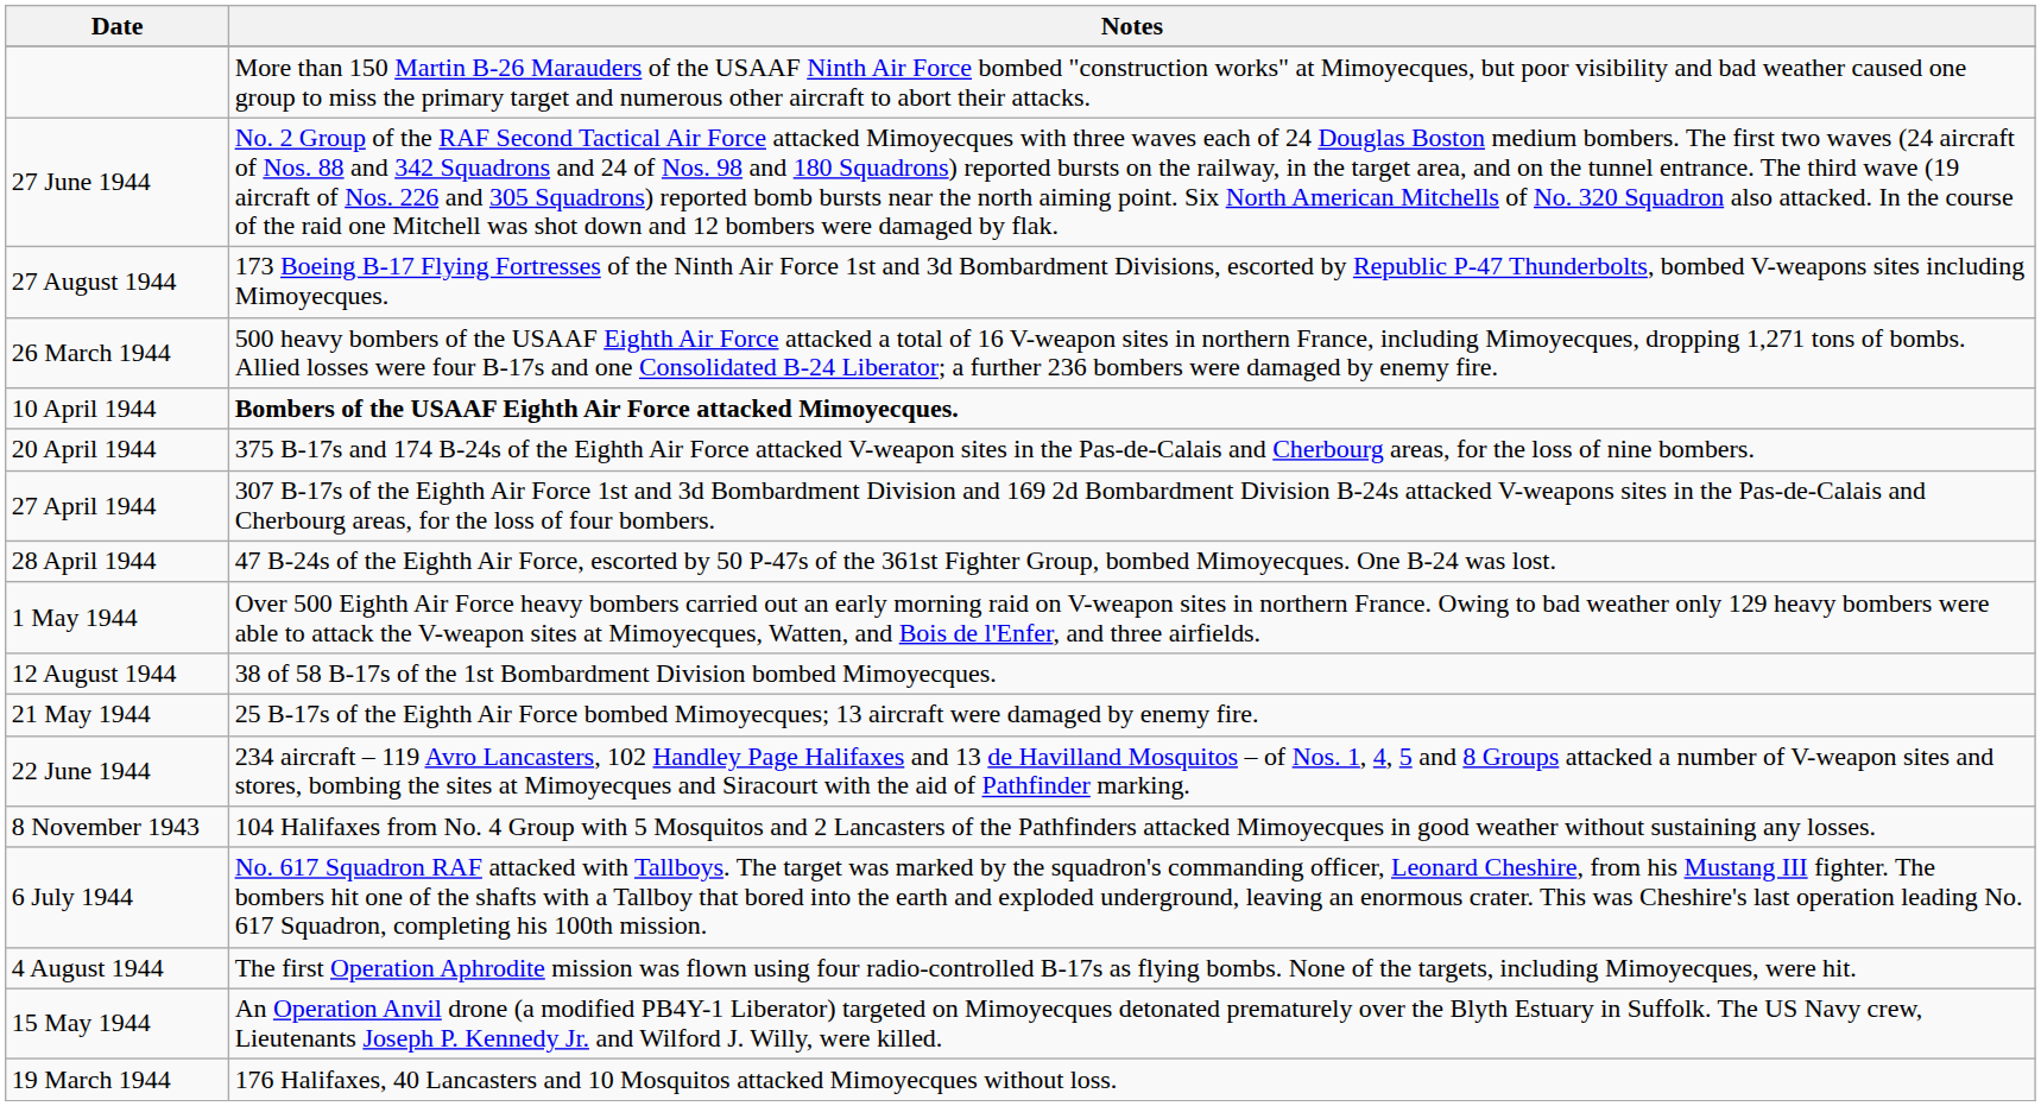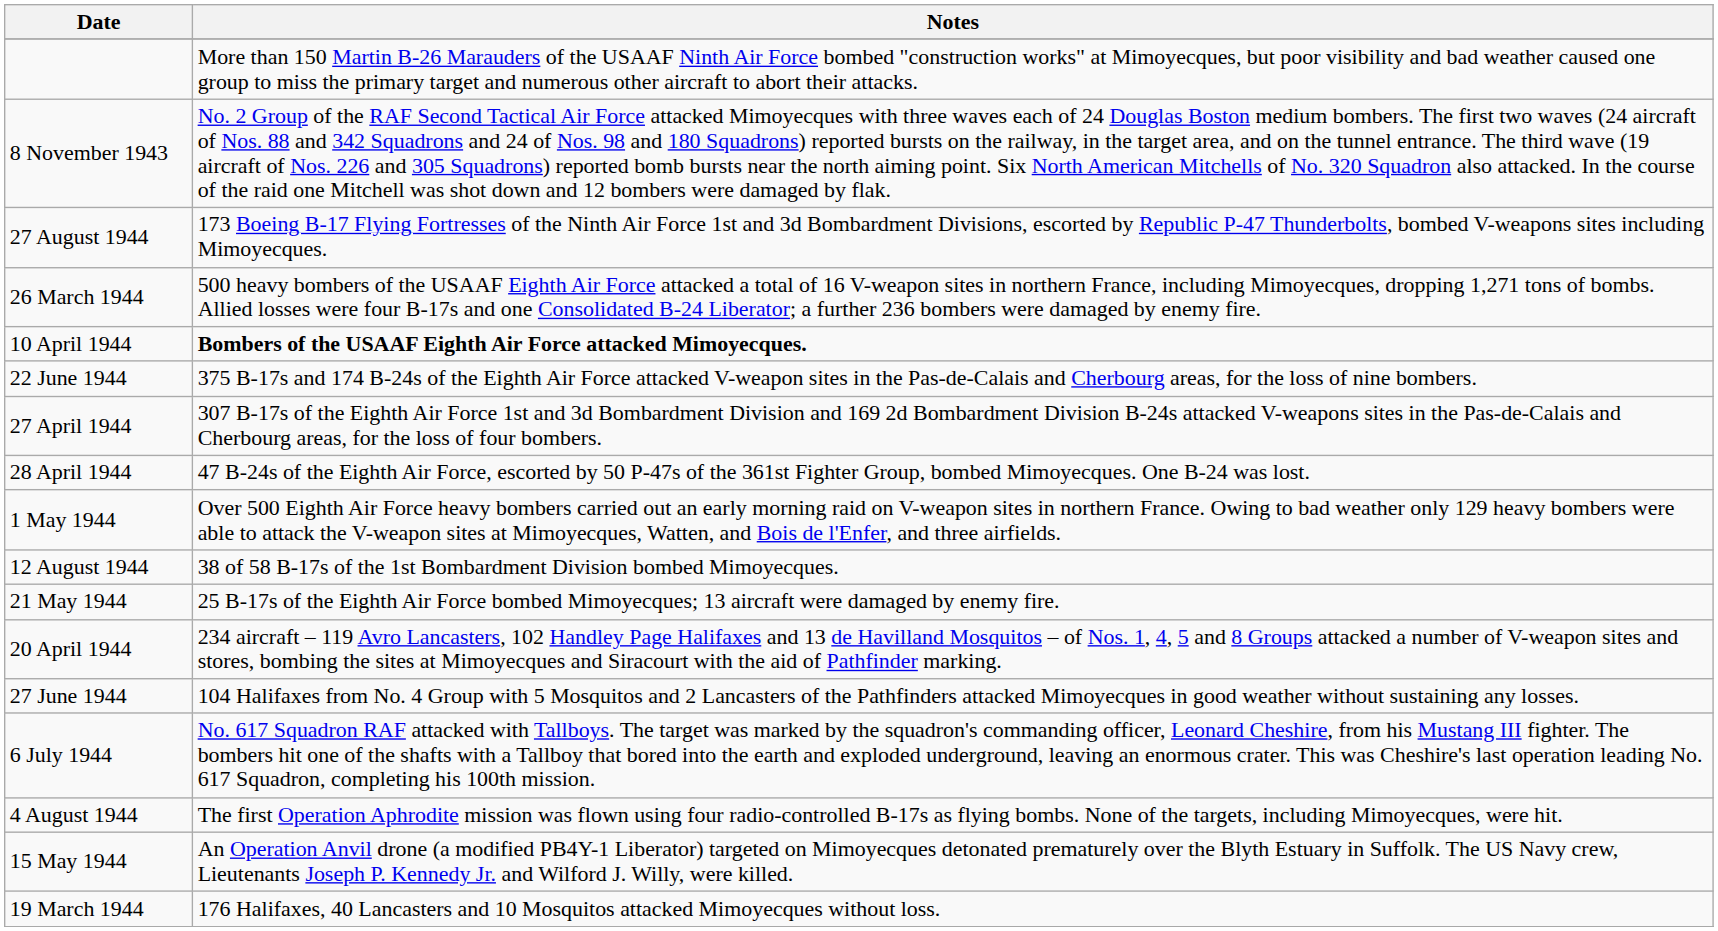 <table class="wikitable sortable">
 <tr>
 <th width=11%>Date</th>
 <th>Notes</th>
 </tr>
 <tr valign=top>
 </tr>
 <tr>
 <td></td>
 <td> More than 150 <a href='#'>Martin B-26 Marauders</a> of the USAAF <a href='#'>Ninth Air Force</a> bombed "construction works" at Mimoyecques, but poor visibility and bad weather caused one group to miss the primary target and numerous other aircraft to abort their attacks.</td>
 </tr>
 <tr>
-<td>27 June 1944</td>
+<td>8 November 1943</td>
 <td> <a href='#'>No. 2 Group</a> of the <a href='#'>RAF Second Tactical Air Force</a> attacked Mimoyecques with three waves each of 24 <a href='#'>Douglas Boston</a> medium bombers. The first two waves (24 aircraft of <a href='#'>Nos. 88</a> and <a href='#'>342 Squadrons</a> and 24 of <a href='#'>Nos. 98</a> and <a href='#'>180 Squadrons</a>) reported bursts on the railway, in the target area, and on the tunnel entrance. The third wave (19 aircraft of <a href='#'>Nos. 226</a> and <a href='#'>305 Squadrons</a>) reported bomb bursts near the north aiming point. Six <a href='#'>North American Mitchells</a> of <a href='#'>No. 320 Squadron</a> also attacked. In the course of the raid one Mitchell was shot down and 12 bombers were damaged by flak.</td>
 </tr>
 <tr>
 <td>27 August 1944</td>
 <td> 173 <a href='#'>Boeing B-17 Flying Fortresses</a> of the Ninth Air Force 1st and 3d Bombardment Divisions, escorted by <a href='#'>Republic P-47 Thunderbolts</a>, bombed V-weapons sites including Mimoyecques.</td>
 </tr>
 <tr>
 <td>26 March 1944</td>
 <td> 500 heavy bombers of the USAAF <a href='#'>Eighth Air Force</a> attacked a total of 16 V-weapon sites in northern France, including Mimoyecques, dropping 1,271 tons of bombs. Allied losses were four B-17s and one <a href='#'>Consolidated B-24 Liberator</a>; a further 236 bombers were damaged by enemy fire.</td>
 </tr>
 <tr>
 <td>10 April 1944</td>
 <td><strong> Bombers of the USAAF Eighth Air Force attacked Mimoyecques.</strong></td>
 </tr>
 <tr>
-<td>20 April 1944</td>
+<td>22 June 1944</td>
 <td> 375 B-17s and 174 B-24s of the Eighth Air Force attacked V-weapon sites in the Pas-de-Calais and <a href='#'>Cherbourg</a> areas, for the loss of nine bombers.</td>
 </tr>
 <tr>
 <td>27 April 1944</td>
 <td> 307 B-17s of the Eighth Air Force 1st and 3d Bombardment Division and 169 2d Bombardment Division B-24s attacked V-weapons sites in the Pas-de-Calais and Cherbourg areas, for the loss of four bombers.</td>
 </tr>
 <tr>
 <td>28 April 1944</td>
 <td> 47 B-24s of the Eighth Air Force, escorted by 50 P-47s of the 361st Fighter Group, bombed Mimoyecques. One B-24 was lost.</td>
 </tr>
 <tr>
 <td>1 May 1944</td>
 <td> Over 500 Eighth Air Force heavy bombers carried out an early morning raid on V-weapon sites in northern France. Owing to bad weather only 129 heavy bombers were able to attack the V-weapon sites at Mimoyecques, Watten, and <a href='#'>Bois de l'Enfer</a>, and three airfields.</td>
 </tr>
 <tr>
 <td>12 August 1944</td>
 <td> 38 of 58 B-17s of the 1st Bombardment Division bombed Mimoyecques.</td>
 </tr>
 <tr>
 <td>21 May 1944</td>
 <td> 25 B-17s of the Eighth Air Force bombed Mimoyecques; 13 aircraft were damaged by enemy fire.</td>
 </tr>
 <tr>
-<td>22 June 1944</td>
+<td>20 April 1944</td>
 <td> 234 aircraft – 119 <a href='#'>Avro Lancasters</a>, 102 <a href='#'>Handley Page Halifaxes</a> and 13 <a href='#'>de Havilland Mosquitos</a> – of <a href='#'>Nos. 1</a>, <a href='#'>4</a>, <a href='#'>5</a> and  <a href='#'>8 Groups</a> attacked a number of V-weapon sites and stores, bombing the sites at Mimoyecques and Siracourt with the aid of <a href='#'>Pathfinder</a> marking.</td>
 </tr>
 <tr>
-<td>8 November 1943</td>
+<td>27 June 1944</td>
 <td> 104 Halifaxes from No. 4 Group with 5 Mosquitos and 2 Lancasters of the Pathfinders attacked Mimoyecques in good weather without sustaining any losses.</td>
 </tr>
 <tr>
 <td>6 July 1944</td>
 <td> <a href='#'>No. 617 Squadron RAF</a> attacked with <a href='#'>Tallboys</a>. The target was marked by the squadron's commanding officer, <a href='#'>Leonard Cheshire</a>, from his <a href='#'>Mustang III</a> fighter. The bombers hit one of the shafts with a Tallboy that bored into the earth and exploded underground, leaving an enormous crater. This was Cheshire's last operation leading No. 617 Squadron, completing his 100th mission.</td>
 </tr>
 <tr>
 <td>4 August 1944</td>
 <td> The first <a href='#'>Operation Aphrodite</a> mission was flown using four radio-controlled B-17s as flying bombs. None of the targets, including Mimoyecques, were hit.</td>
 </tr>
 <tr>
 <td>15 May 1944</td>
 <td>An <a href='#'>Operation Anvil</a> drone (a modified PB4Y-1 Liberator) targeted on Mimoyecques detonated prematurely over the Blyth Estuary in Suffolk. The US Navy crew, Lieutenants <a href='#'>Joseph P. Kennedy Jr.</a> and Wilford J. Willy, were killed.</td>
 </tr>
 <tr>
 <td>19 March 1944</td>
 <td> 176 Halifaxes, 40 Lancasters and 10 Mosquitos attacked Mimoyecques without loss.</td>
 </tr>
 <tr>
 </tr>
 </table>
